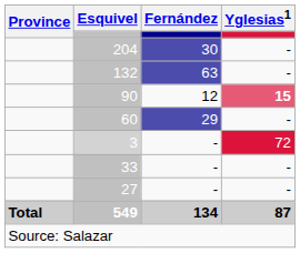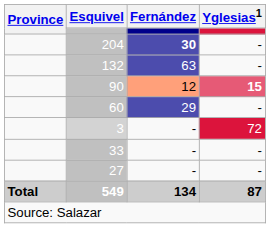 <table class="wikitable sortable" style="text-align:right; font-size:95%">
 <tr>
 <th rowspan=2><a href='#'>Province</a></th>
 <th width=60px><a href='#'>Esquivel</a></th>
 <th width=60px><a href='#'>Fernández</a></th>
 <th width=60px><a href='#'>Yglesias</a><sup>1</sup></th>
 </tr>
 <tr>
 <th style="background:#C0C0C0"></th>
 <th style="background:#00008B"></th>
 <th style="background:#DC143C"></th>
 </tr>
 <tr>
 <td align="left"></td>
 <td style="background:#C0C0C0; color:white;">204</td>
-<td style="background:#4c4cad; color:white;">30</td>
+<td style="background:#4c4cad; color:white;"><strong>30</strong></td>
 <td>-</td>
 </tr>
 <tr>
 <td align="left"></td>
 <td style="background:#C0C0C0; color:white;">132</td>
 <td style="background:#4c4cad; color:white;">63</td>
 <td>-</td>
 </tr>
 <tr>
 <td align="left"></td>
 <td style="background:#C0C0C0; color:white;">90</td>
-<td>12</td>
+<td style="background: lightsalmon;">12</td>
 <td style="background:#e65a76; color:white;"><strong>15</strong></td>
 </tr>
 <tr>
 <td align="left"></td>
 <td style="background:#C0C0C0; color:white;">60</td>
 <td style="background:#4c4cad; color:white;">29</td>
 <td>-</td>
 </tr>
 <tr>
 <td align="left"></td>
 <td style="background:lightgray; color:white;">3</td>
 <td>-</td>
 <td style="background:#DC143C; color:white;">72</td>
 </tr>
 <tr>
 <td align="left"></td>
 <td style="background:#C0C0C0; color:white;">33</td>
 <td>-</td>
 <td>-</td>
 </tr>
 <tr>
 <td align="left"></td>
 <td style="background:#C0C0C0; color:white;">27</td>
 <td>-</td>
 <td>-</td>
 </tr>
 <tr style="background:#CDCDCD;" class=sortbottom>
 <td align="left"><strong>Total</strong></td>
 <td style="background:#C0C0C0; color:white;"><strong>549</strong></td>
 <td><strong>134</strong></td>
 <td><strong>87</strong></td>
 </tr>
 <tr class=sortbottom>
 <td align=left colspan=11>Source: Salazar</td>
 </tr>
 </table>
